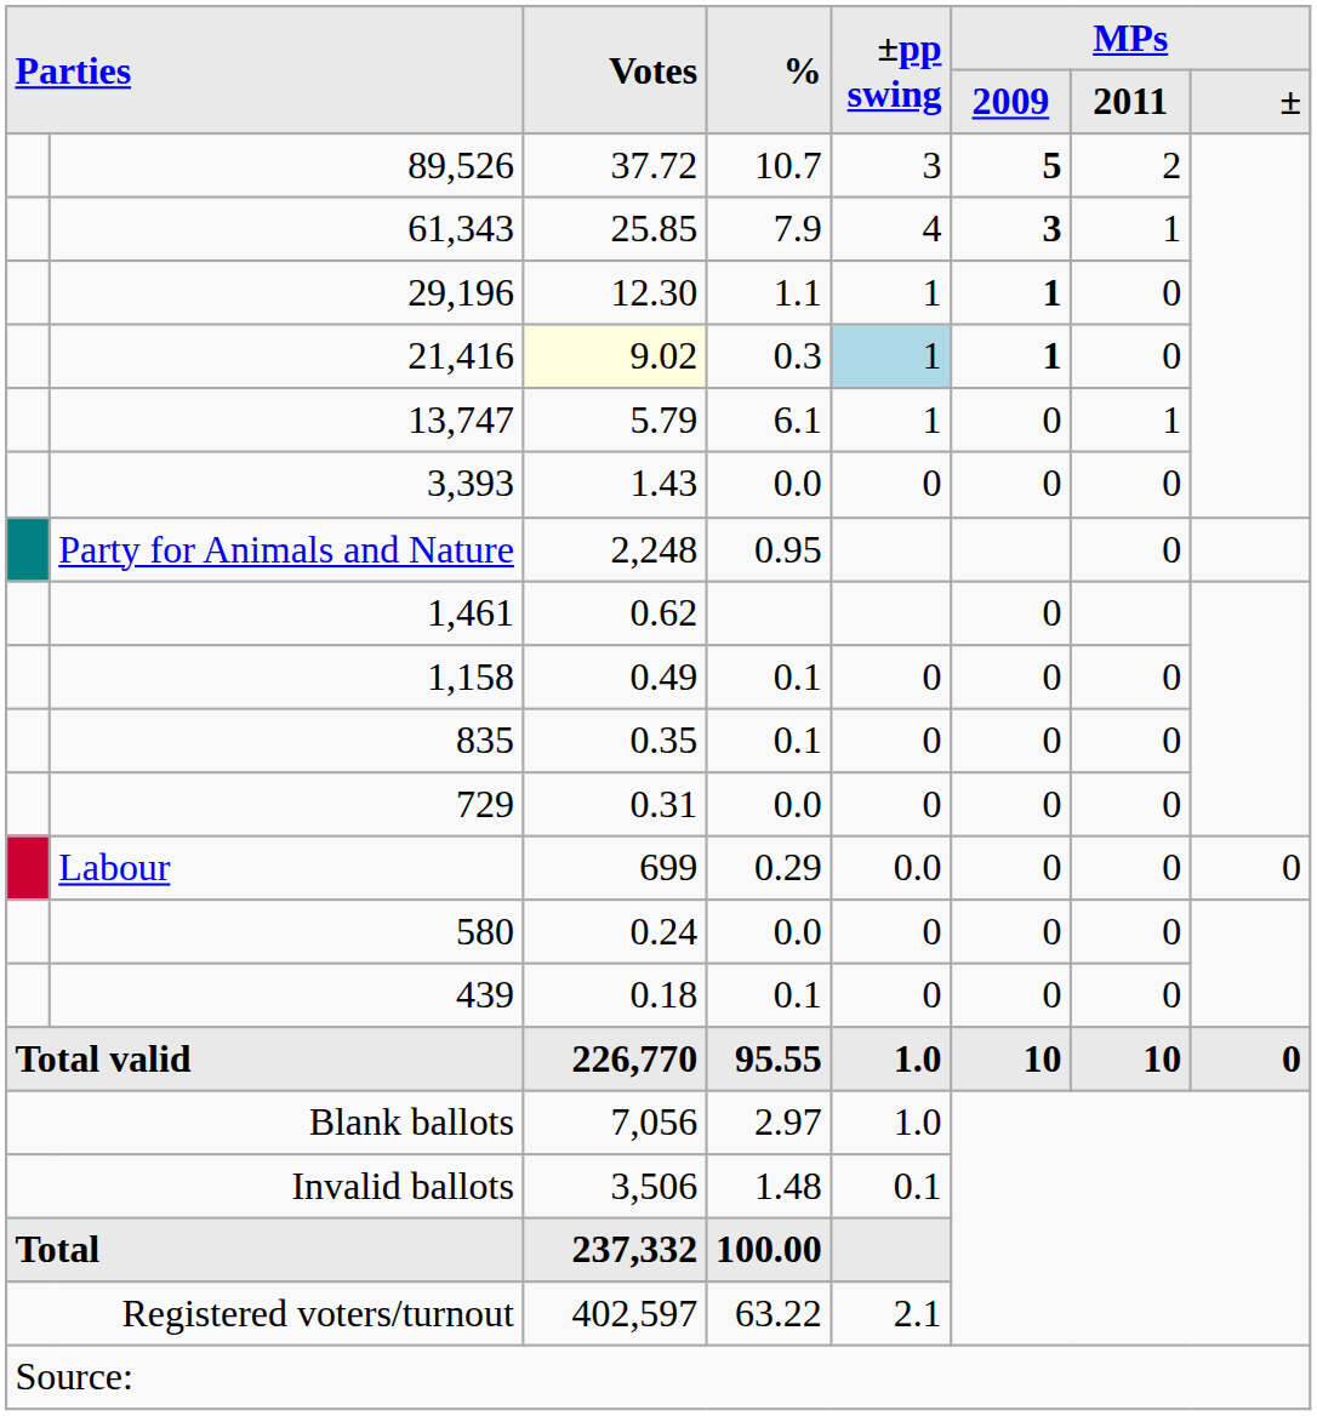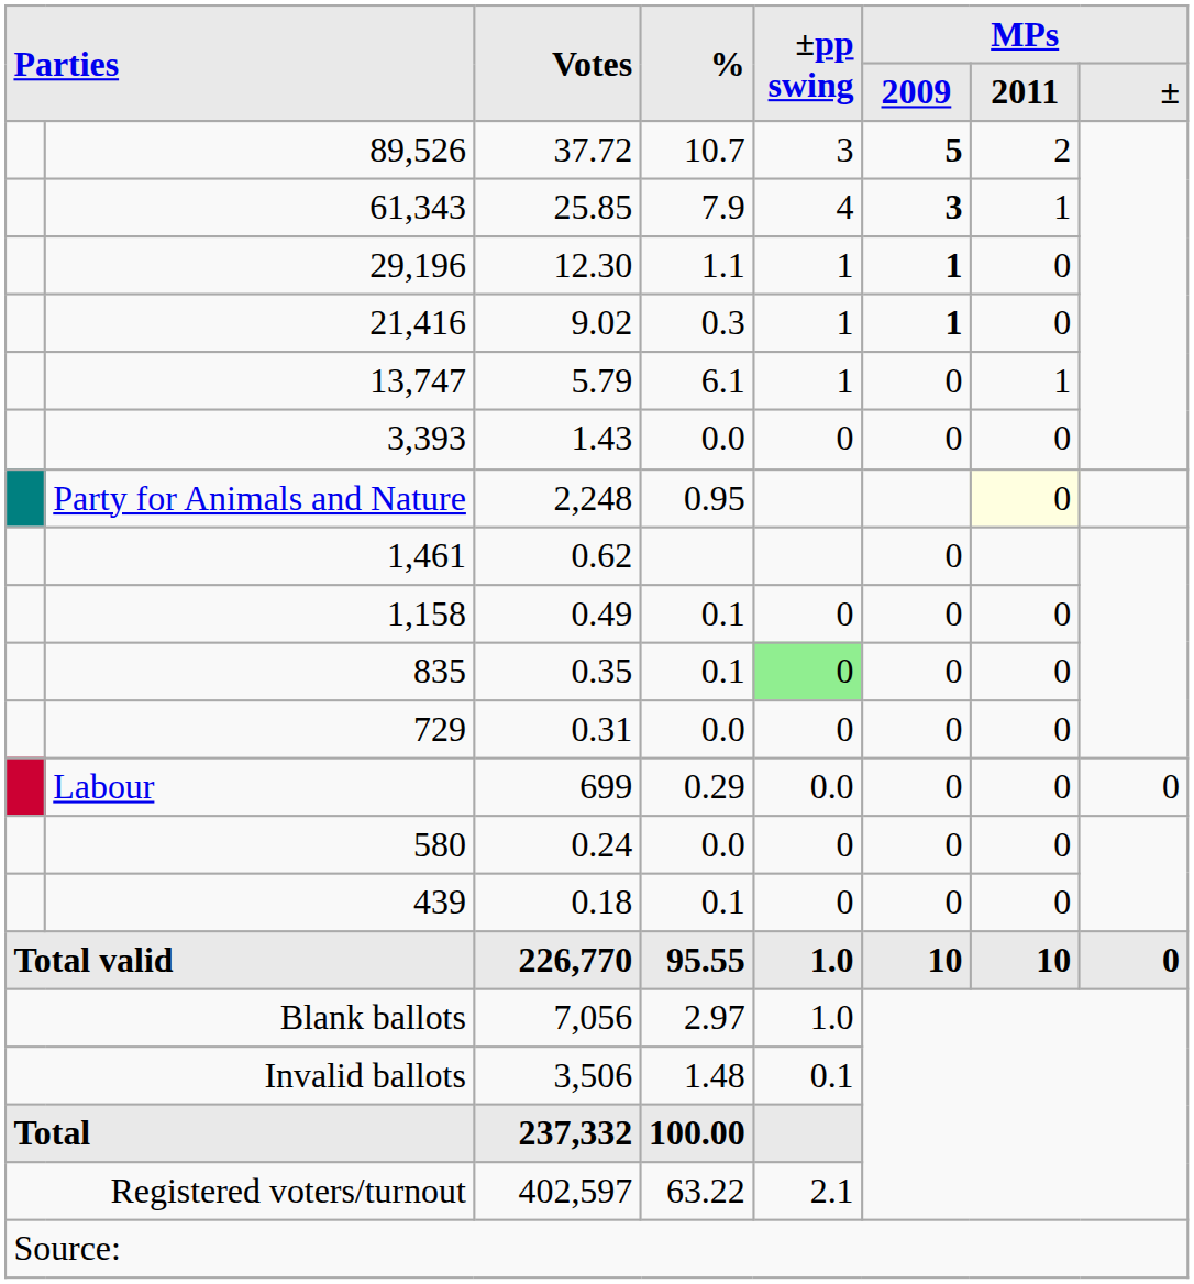 <table class="wikitable" style="text-align:right; font-size:95%;">
 <tr>
 <th rowspan="2" colspan="2" style="background:#e9e9e9; text-align:left;" alignleft><a href='#'>Parties</a></th>
 <th rowspan="2" style="background:#e9e9e9; text-align:right;">Votes</th>
 <th rowspan="2" style="background:#e9e9e9; text-align:right;">%</th>
 <th rowspan="2" style="background:#e9e9e9; text-align:right;">±<a href='#'>pp</a> <a href='#'>swing</a></th>
 <th colspan="3" style="background:#e9e9e9; text-align:center;"><a href='#'>MPs</a></th>
 </tr>
 <tr style="background-color:#E9E9E9">
 <th style="background-color:#E9E9E9;text-align:center;"><a href='#'>2009</a></th>
 <th style="background-color:#E9E9E9;text-align:center;">2011</th>
 <th style="background:#e9e9e9; text-align:right;">±</th>
 </tr>
 <tr>
 <td></td>
 <td>89,526</td>
 <td>37.72</td>
 <td>10.7</td>
 <td>3</td>
 <td><strong>5</strong></td>
 <td>2</td>
 </tr>
 <tr>
 <td></td>
 <td>61,343</td>
 <td>25.85</td>
 <td>7.9</td>
 <td>4</td>
 <td><strong>3</strong></td>
 <td>1</td>
 </tr>
 <tr>
 <td></td>
 <td>29,196</td>
 <td>12.30</td>
 <td>1.1</td>
 <td>1</td>
 <td><strong>1</strong></td>
 <td>0</td>
 </tr>
 <tr>
 <td></td>
 <td>21,416</td>
-<td style="background: lightyellow;">9.02</td>
+<td>9.02</td>
 <td>0.3</td>
-<td style="background: lightblue;">1</td>
+<td>1</td>
 <td><strong>1</strong></td>
 <td>0</td>
 </tr>
 <tr>
 <td></td>
 <td>13,747</td>
 <td>5.79</td>
 <td>6.1</td>
 <td>1</td>
 <td>0</td>
 <td>1</td>
 </tr>
 <tr>
 <td></td>
 <td>3,393</td>
 <td>1.43</td>
 <td>0.0</td>
 <td>0</td>
 <td>0</td>
 <td>0</td>
 </tr>
 <tr>
 <td style="width: 10px" bgcolor="teal" align="center"></td>
 <td align="left"><a href='#'>Party for Animals and Nature</a></td>
 <td>2,248</td>
 <td>0.95</td>
 <td></td>
 <td></td>
-<td>0</td>
+<td style="background: lightyellow;">0</td>
 <td></td>
 </tr>
 <tr>
 <td></td>
 <td>1,461</td>
 <td>0.62</td>
 <td></td>
 <td></td>
 <td>0</td>
 <td></td>
 </tr>
 <tr>
 <td></td>
 <td>1,158</td>
 <td>0.49</td>
 <td>0.1</td>
 <td>0</td>
 <td>0</td>
 <td>0</td>
 </tr>
 <tr>
 <td></td>
 <td>835</td>
 <td>0.35</td>
 <td>0.1</td>
-<td>0</td>
+<td style="background: lightgreen;">0</td>
 <td>0</td>
 <td>0</td>
 </tr>
 <tr>
 <td></td>
 <td>729</td>
 <td>0.31</td>
 <td>0.0</td>
 <td>0</td>
 <td>0</td>
 <td>0</td>
 </tr>
 <tr>
 <td style="width: 10px" bgcolor=#CC0033 align="center"></td>
 <td align=left><a href='#'>Labour</a></td>
 <td>699</td>
 <td>0.29</td>
 <td>0.0</td>
 <td>0</td>
 <td>0</td>
 <td>0</td>
 </tr>
 <tr>
 <td></td>
 <td>580</td>
 <td>0.24</td>
 <td>0.0</td>
 <td>0</td>
 <td>0</td>
 <td>0</td>
 </tr>
 <tr>
 <td></td>
 <td>439</td>
 <td>0.18</td>
 <td>0.1</td>
 <td>0</td>
 <td>0</td>
 <td>0</td>
 </tr>
 <tr>
 <td colspan=2 align=left style="background-color:#E9E9E9"><strong>Total valid</strong></td>
 <td width="65" align="right" style="background-color:#E9E9E9"><strong>226,770</strong></td>
 <td width="40" align="right" style="background-color:#E9E9E9"><strong>95.55</strong></td>
 <td width="40" align="right" style="background-color:#E9E9E9"><strong>1.0</strong></td>
 <td width="40" align="right" style="background-color:#E9E9E9"><strong>10</strong></td>
 <td width="40" align="right" style="background-color:#E9E9E9"><strong>10</strong></td>
 <td width="40" align="right" style="background-color:#E9E9E9"><strong>0</strong></td>
 </tr>
 <tr>
 <td colspan=2>Blank ballots</td>
 <td>7,056</td>
 <td>2.97</td>
 <td>1.0</td>
 <td colspan=4 rowspan=4></td>
 </tr>
 <tr>
 <td colspan=2>Invalid ballots</td>
 <td>3,506</td>
 <td>1.48</td>
 <td>0.1</td>
 </tr>
 <tr>
 <td colspan=2 align=left style="background-color:#E9E9E9"><strong>Total</strong></td>
 <td width="50" align="right" style="background-color:#E9E9E9"><strong>237,332</strong></td>
 <td width="40" align="right" style="background-color:#E9E9E9"><strong>100.00</strong></td>
 <td width="40" align="right" style="background-color:#E9E9E9"></td>
 </tr>
 <tr>
 <td colspan=2>Registered voters/turnout</td>
 <td>402,597</td>
 <td>63.22</td>
 <td>2.1</td>
 </tr>
 <tr>
 <td colspan=11 align=left>Source: </td>
 </tr>
 </table>
